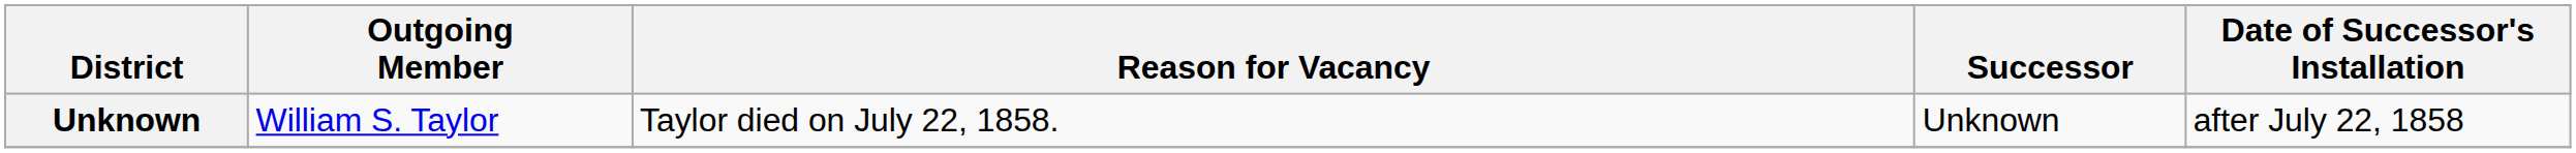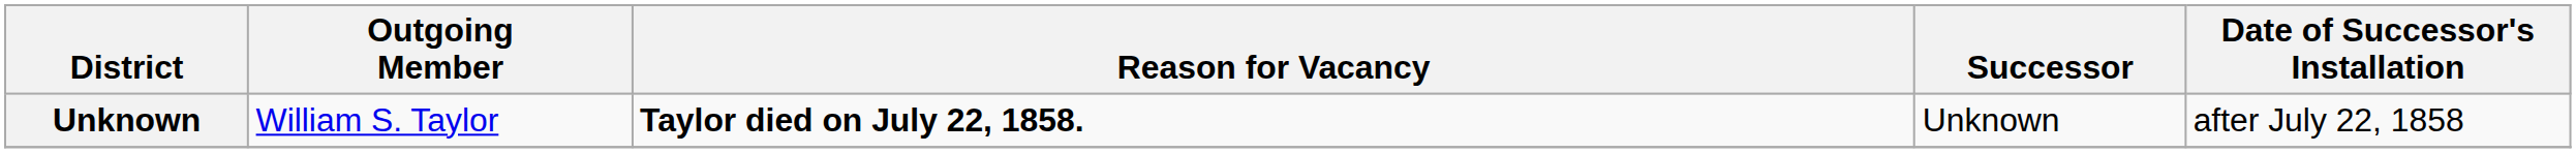 <table class="wikitable">
 <tr bgcolor="#cccccc" align="center" valign="bottom">
 <th>District</th>
 <th>Outgoing<br>Member</th>
 <th width="50%">Reason for Vacancy</th>
 <th>Successor</th>
 <th width="15%">Date of Successor's Installation</th>
 </tr>
 <tr>
 <th>Unknown</th>
 <td><a href='#'>William S. Taylor</a></td>
-<td>Taylor died on July 22, 1858.</td>
+<td><strong>Taylor died on July 22, 1858.</strong></td>
 <td>Unknown</td>
 <td>after July 22, 1858</td>
 </tr>
 <tr>
 </tr>
 </table>
